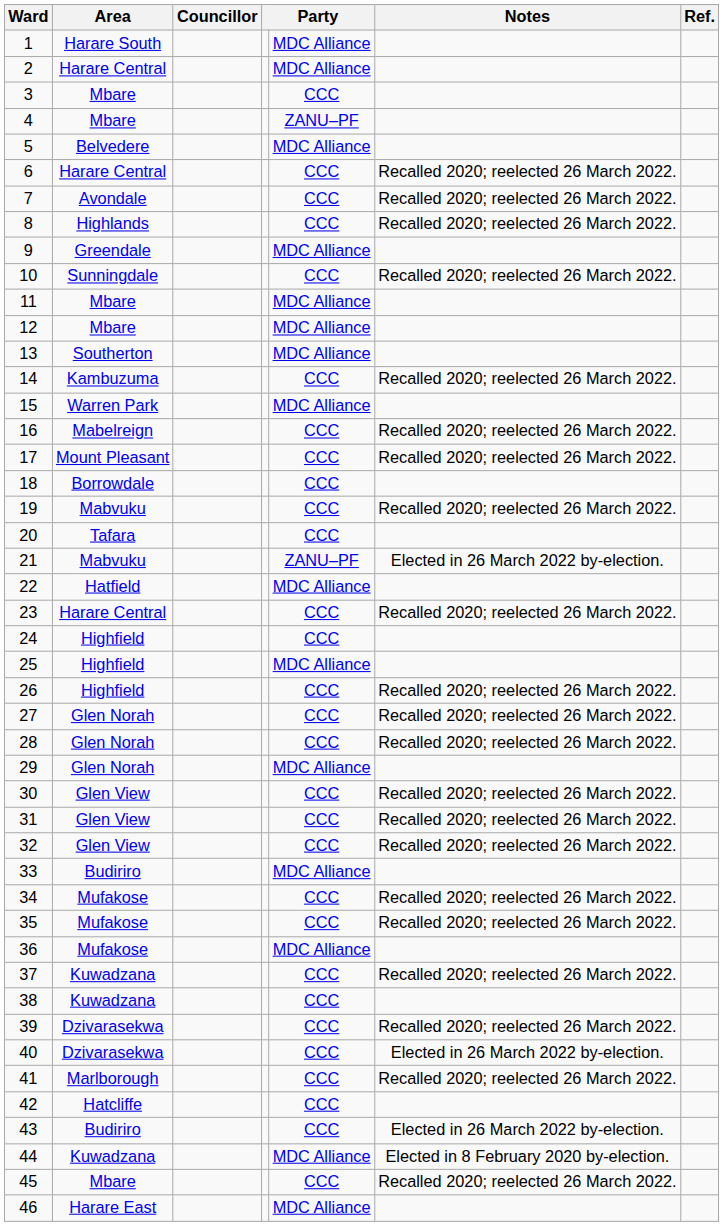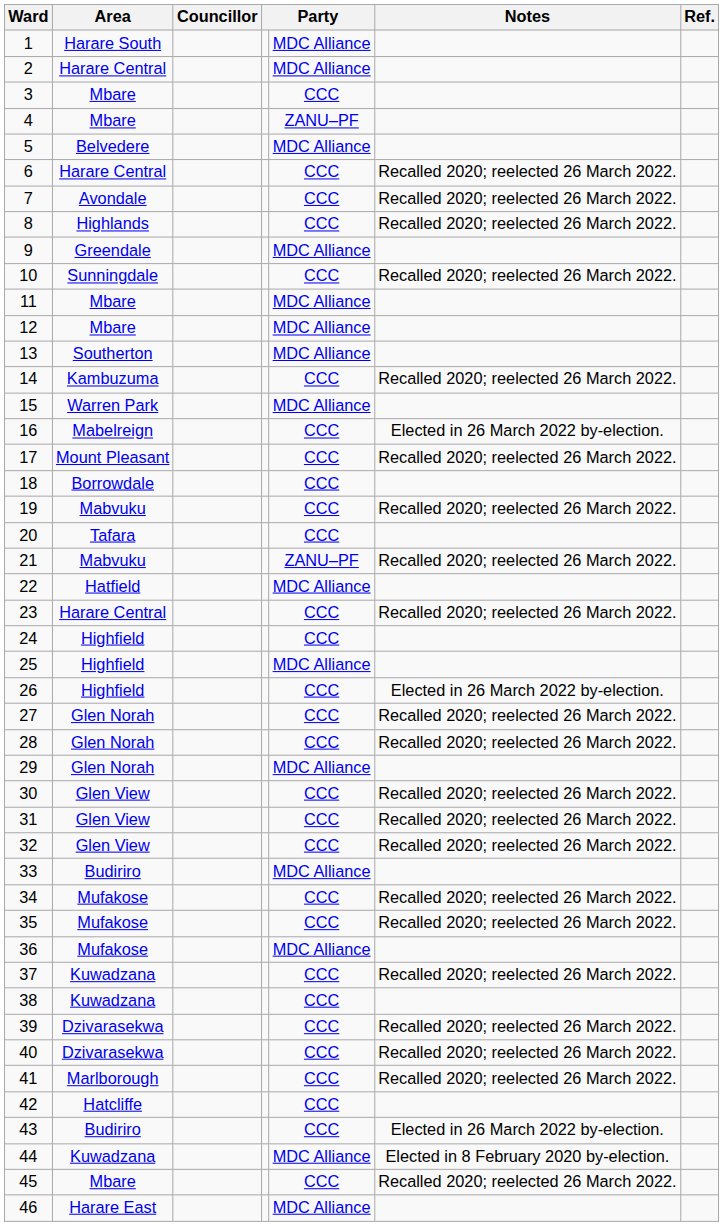 <table class="wikitable sortable" style="text-align:center">
 <tr>
 <th>Ward</th>
 <th>Area</th>
 <th>Councillor</th>
 <th colspan="2">Party</th>
 <th>Notes</th>
 <th>Ref.</th>
 </tr>
 <tr>
 <td>1</td>
 <td><a href='#'>Harare South</a></td>
 <td></td>
 <td style="background-color: "></td>
 <td><a href='#'>MDC Alliance</a></td>
 <td></td>
 <td></td>
 </tr>
 <tr>
 <td>2</td>
 <td><a href='#'>Harare Central</a></td>
 <td></td>
 <td style="background-color: "></td>
 <td><a href='#'>MDC Alliance</a></td>
 <td></td>
 <td></td>
 </tr>
 <tr>
 <td>3</td>
 <td><a href='#'>Mbare</a></td>
 <td></td>
 <td style="background-color: "></td>
 <td><a href='#'>CCC</a></td>
 <td></td>
 <td></td>
 </tr>
 <tr>
 <td>4</td>
 <td><a href='#'>Mbare</a></td>
 <td></td>
 <td style="background:"></td>
 <td><a href='#'>ZANU–PF</a></td>
 <td></td>
 <td></td>
 </tr>
 <tr>
 <td>5</td>
 <td><a href='#'>Belvedere</a></td>
 <td></td>
 <td style="background-color: "></td>
 <td><a href='#'>MDC Alliance</a></td>
 <td></td>
 <td></td>
 </tr>
 <tr>
 <td>6</td>
 <td><a href='#'>Harare Central</a></td>
 <td></td>
 <td style="background:"></td>
 <td><a href='#'>CCC</a></td>
 <td>Recalled 2020; reelected 26 March 2022.</td>
 <td></td>
 </tr>
 <tr>
 <td>7</td>
 <td><a href='#'>Avondale</a></td>
 <td></td>
 <td style="background:"></td>
 <td><a href='#'>CCC</a></td>
 <td>Recalled 2020; reelected 26 March 2022.</td>
 <td></td>
 </tr>
 <tr>
 <td>8</td>
 <td><a href='#'>Highlands</a></td>
 <td></td>
 <td style="background:"></td>
 <td><a href='#'>CCC</a></td>
 <td>Recalled 2020; reelected 26 March 2022.</td>
 <td></td>
 </tr>
 <tr>
 <td>9</td>
 <td><a href='#'>Greendale</a></td>
 <td></td>
 <td style="background-color: "></td>
 <td><a href='#'>MDC Alliance</a></td>
 <td></td>
 <td></td>
 </tr>
 <tr>
 <td>10</td>
 <td><a href='#'>Sunningdale</a></td>
 <td></td>
 <td style="background:"></td>
 <td><a href='#'>CCC</a></td>
 <td>Recalled 2020; reelected 26 March 2022.</td>
 <td></td>
 </tr>
 <tr>
 <td>11</td>
 <td><a href='#'>Mbare</a></td>
 <td></td>
 <td style="background-color: "></td>
 <td><a href='#'>MDC Alliance</a></td>
 <td></td>
 <td></td>
 </tr>
 <tr>
 <td>12</td>
 <td><a href='#'>Mbare</a></td>
 <td></td>
 <td style="background-color: "></td>
 <td><a href='#'>MDC Alliance</a></td>
 <td></td>
 <td></td>
 </tr>
 <tr>
 <td>13</td>
 <td><a href='#'>Southerton</a></td>
 <td></td>
 <td style="background-color: "></td>
 <td><a href='#'>MDC Alliance</a></td>
 <td></td>
 <td></td>
 </tr>
 <tr>
 <td>14</td>
 <td><a href='#'>Kambuzuma</a></td>
 <td></td>
 <td style="background:"></td>
 <td><a href='#'>CCC</a></td>
 <td>Recalled 2020; reelected 26 March 2022.</td>
 <td></td>
 </tr>
 <tr>
 <td>15</td>
 <td><a href='#'>Warren Park</a></td>
 <td></td>
 <td style="background-color: "></td>
 <td><a href='#'>MDC Alliance</a></td>
 <td></td>
 <td></td>
 </tr>
 <tr>
 <td>16</td>
 <td><a href='#'>Mabelreign</a></td>
 <td></td>
 <td style="background:"></td>
 <td><a href='#'>CCC</a></td>
-<td>Recalled 2020; reelected 26 March 2022.</td>
+<td>Elected in 26 March 2022 by-election.</td>
 <td></td>
 </tr>
 <tr>
 <td>17</td>
 <td><a href='#'>Mount Pleasant</a></td>
 <td></td>
 <td style="background:"></td>
 <td><a href='#'>CCC</a></td>
 <td>Recalled 2020; reelected 26 March 2022.</td>
 <td></td>
 </tr>
 <tr>
 <td>18</td>
 <td><a href='#'>Borrowdale</a></td>
 <td></td>
 <td style="background:"></td>
 <td><a href='#'>CCC</a></td>
 <td></td>
 <td></td>
 </tr>
 <tr>
 <td>19</td>
 <td><a href='#'>Mabvuku</a></td>
 <td></td>
 <td style="background:"></td>
 <td><a href='#'>CCC</a></td>
 <td>Recalled 2020; reelected 26 March 2022.</td>
 <td></td>
 </tr>
 <tr>
 <td>20</td>
 <td><a href='#'>Tafara</a></td>
 <td></td>
 <td style="background:"></td>
 <td><a href='#'>CCC</a></td>
 <td></td>
 <td></td>
 </tr>
 <tr>
 <td>21</td>
 <td><a href='#'>Mabvuku</a></td>
 <td></td>
 <td style="background:"></td>
 <td><a href='#'>ZANU–PF</a></td>
-<td>Elected in 26 March 2022 by-election.</td>
+<td>Recalled 2020; reelected 26 March 2022.</td>
 <td></td>
 </tr>
 <tr>
 <td>22</td>
 <td><a href='#'>Hatfield</a></td>
 <td></td>
 <td style="background-color: "></td>
 <td><a href='#'>MDC Alliance</a></td>
 <td></td>
 <td></td>
 </tr>
 <tr>
 <td>23</td>
 <td><a href='#'>Harare Central</a></td>
 <td></td>
 <td style="background:"></td>
 <td><a href='#'>CCC</a></td>
 <td>Recalled 2020; reelected 26 March 2022.</td>
 <td></td>
 </tr>
 <tr>
 <td>24</td>
 <td><a href='#'>Highfield</a></td>
 <td></td>
 <td style="background:"></td>
 <td><a href='#'>CCC</a></td>
 <td></td>
 <td></td>
 </tr>
 <tr>
 <td>25</td>
 <td><a href='#'>Highfield</a></td>
 <td></td>
 <td style="background-color: "></td>
 <td><a href='#'>MDC Alliance</a></td>
 <td></td>
 <td></td>
 </tr>
 <tr>
 <td>26</td>
 <td><a href='#'>Highfield</a></td>
 <td></td>
 <td style="background:"></td>
 <td><a href='#'>CCC</a></td>
-<td>Recalled 2020; reelected 26 March 2022.</td>
+<td>Elected in 26 March 2022 by-election.</td>
 <td></td>
 </tr>
 <tr>
 <td>27</td>
 <td><a href='#'>Glen Norah</a></td>
 <td></td>
 <td style="background:"></td>
 <td><a href='#'>CCC</a></td>
 <td>Recalled 2020; reelected 26 March 2022.</td>
 <td></td>
 </tr>
 <tr>
 <td>28</td>
 <td><a href='#'>Glen Norah</a></td>
 <td></td>
 <td style="background:"></td>
 <td><a href='#'>CCC</a></td>
 <td>Recalled 2020; reelected 26 March 2022.</td>
 <td></td>
 </tr>
 <tr>
 <td>29</td>
 <td><a href='#'>Glen Norah</a></td>
 <td></td>
 <td style="background-color: "></td>
 <td><a href='#'>MDC Alliance</a></td>
 <td></td>
 <td></td>
 </tr>
 <tr>
 <td>30</td>
 <td><a href='#'>Glen View</a></td>
 <td></td>
 <td style="background:"></td>
 <td><a href='#'>CCC</a></td>
 <td>Recalled 2020; reelected 26 March 2022.</td>
 <td></td>
 </tr>
 <tr>
 <td>31</td>
 <td><a href='#'>Glen View</a></td>
 <td></td>
 <td style="background:"></td>
 <td><a href='#'>CCC</a></td>
 <td>Recalled 2020; reelected 26 March 2022.</td>
 <td></td>
 </tr>
 <tr>
 <td>32</td>
 <td><a href='#'>Glen View</a></td>
 <td></td>
 <td style="background:"></td>
 <td><a href='#'>CCC</a></td>
 <td>Recalled 2020; reelected 26 March 2022.</td>
 <td></td>
 </tr>
 <tr>
 <td>33</td>
 <td><a href='#'>Budiriro</a></td>
 <td></td>
 <td style="background-color: "></td>
 <td><a href='#'>MDC Alliance</a></td>
 <td></td>
 <td></td>
 </tr>
 <tr>
 <td>34</td>
 <td><a href='#'>Mufakose</a></td>
 <td></td>
 <td style="background:"></td>
 <td><a href='#'>CCC</a></td>
 <td>Recalled 2020; reelected 26 March 2022.</td>
 <td></td>
 </tr>
 <tr>
 <td>35</td>
 <td><a href='#'>Mufakose</a></td>
 <td></td>
 <td style="background:"></td>
 <td><a href='#'>CCC</a></td>
 <td>Recalled 2020; reelected 26 March 2022.</td>
 <td></td>
 </tr>
 <tr>
 <td>36</td>
 <td><a href='#'>Mufakose</a></td>
 <td></td>
 <td style="background-color: "></td>
 <td><a href='#'>MDC Alliance</a></td>
 <td></td>
 <td></td>
 </tr>
 <tr>
 <td>37</td>
 <td><a href='#'>Kuwadzana</a></td>
 <td></td>
 <td style="background:"></td>
 <td><a href='#'>CCC</a></td>
 <td>Recalled 2020; reelected 26 March 2022.</td>
 <td></td>
 </tr>
 <tr>
 <td>38</td>
 <td><a href='#'>Kuwadzana</a></td>
 <td></td>
 <td style="background-color: "></td>
 <td><a href='#'>CCC</a></td>
 <td></td>
 <td></td>
 </tr>
 <tr>
 <td>39</td>
 <td><a href='#'>Dzivarasekwa</a></td>
 <td></td>
 <td style="background:"></td>
 <td><a href='#'>CCC</a></td>
 <td>Recalled 2020; reelected 26 March 2022.</td>
 <td></td>
 </tr>
 <tr>
 <td>40</td>
 <td><a href='#'>Dzivarasekwa</a></td>
 <td></td>
 <td style="background:"></td>
 <td><a href='#'>CCC</a></td>
-<td>Elected in 26 March 2022 by-election.</td>
+<td>Recalled 2020; reelected 26 March 2022.</td>
 <td></td>
 </tr>
 <tr>
 <td>41</td>
 <td><a href='#'>Marlborough</a></td>
 <td></td>
 <td style="background:"></td>
 <td><a href='#'>CCC</a></td>
 <td>Recalled 2020; reelected 26 March 2022.</td>
 <td></td>
 </tr>
 <tr>
 <td>42</td>
 <td><a href='#'>Hatcliffe</a></td>
 <td></td>
 <td style="background:"></td>
 <td><a href='#'>CCC</a></td>
 <td></td>
 <td></td>
 </tr>
 <tr>
 <td>43</td>
 <td><a href='#'>Budiriro</a></td>
 <td></td>
 <td style="background:"></td>
 <td><a href='#'>CCC</a></td>
 <td>Elected in 26 March 2022 by-election.</td>
 <td></td>
 </tr>
 <tr>
 <td>44</td>
 <td><a href='#'>Kuwadzana</a></td>
 <td></td>
 <td style="background-color: "></td>
 <td><a href='#'>MDC Alliance</a></td>
 <td>Elected in 8 February 2020 by-election.</td>
 <td></td>
 </tr>
 <tr>
 <td>45</td>
 <td><a href='#'>Mbare</a></td>
 <td></td>
 <td style="background:"></td>
 <td><a href='#'>CCC</a></td>
 <td>Recalled 2020; reelected 26 March 2022.</td>
 <td></td>
 </tr>
 <tr>
 <td>46</td>
 <td><a href='#'>Harare East</a></td>
 <td></td>
 <td style="background-color: "></td>
 <td><a href='#'>MDC Alliance</a></td>
 <td></td>
 <td></td>
 </tr>
 </table>
